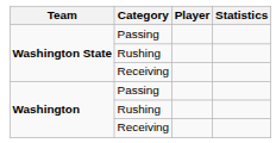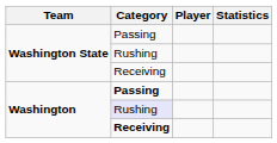 <table class="wikitable" style="float: right;">
 <tr>
 <th>Team</th>
 <th>Category</th>
 <th>Player</th>
 <th>Statistics</th>
 </tr>
 <tr>
 <td rowspan=3><strong>Washington State</strong></td>
 <td>Passing</td>
 <td></td>
 <td></td>
 </tr>
 <tr>
 <td>Rushing</td>
 <td></td>
 <td></td>
 </tr>
 <tr>
 <td>Receiving</td>
 <td></td>
 <td></td>
 </tr>
 <tr>
 <td rowspan=3><strong>Washington</strong></td>
-<td>Passing</td>
+<td><strong>Passing</strong></td>
 <td></td>
 <td></td>
 </tr>
 <tr>
-<td>Rushing</td>
+<td style="background: lavender;">Rushing</td>
 <td></td>
 <td></td>
 </tr>
 <tr>
-<td>Receiving</td>
+<td><strong>Receiving</strong></td>
 <td></td>
 <td></td>
 </tr>
 </table>
